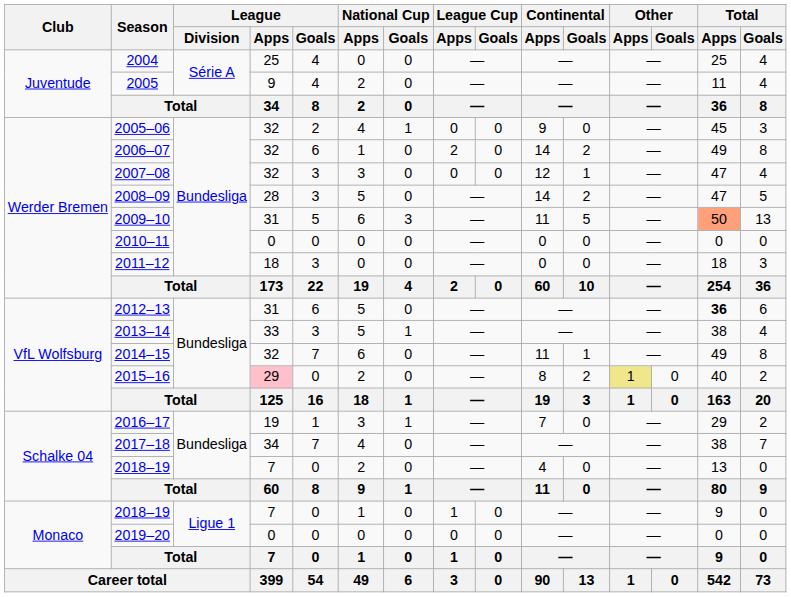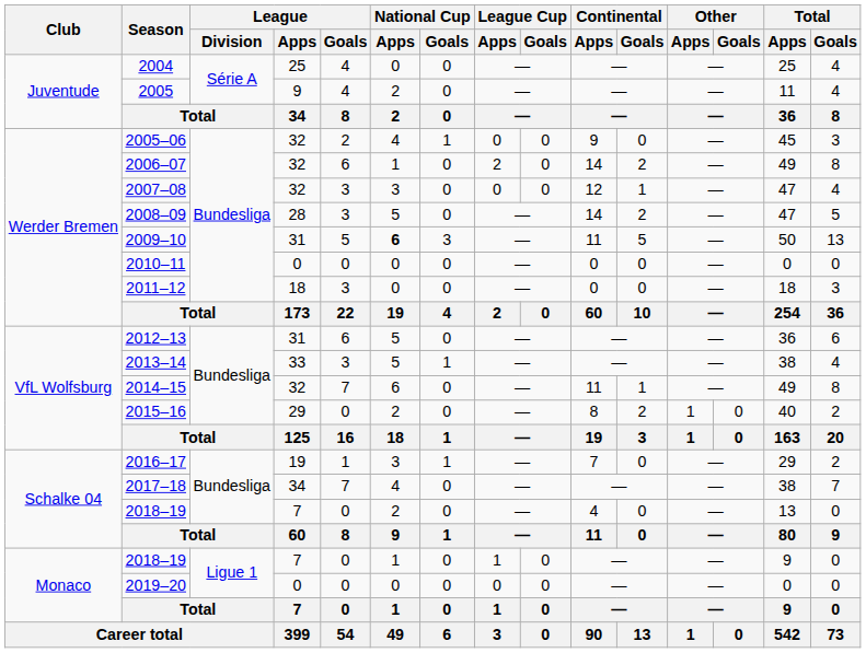 <table class="wikitable" style="text-align:center">
 <tr>
 <th rowspan="2">Club</th>
 <th rowspan="2">Season</th>
 <th colspan="3">League</th>
 <th colspan="2">National Cup</th>
 <th colspan="2">League Cup</th>
 <th colspan="2">Continental</th>
 <th colspan="2">Other</th>
 <th colspan="2">Total</th>
 </tr>
 <tr>
 <th>Division</th>
 <th>Apps</th>
 <th>Goals</th>
 <th>Apps</th>
 <th>Goals</th>
 <th>Apps</th>
 <th>Goals</th>
 <th>Apps</th>
 <th>Goals</th>
 <th>Apps</th>
 <th>Goals</th>
 <th>Apps</th>
 <th>Goals</th>
 </tr>
 <tr>
 <td rowspan="3"><a href='#'>Juventude</a></td>
 <td><a href='#'>2004</a></td>
 <td rowspan="2"><a href='#'>Série A</a></td>
 <td>25</td>
 <td>4</td>
 <td>0</td>
 <td>0</td>
 <td colspan="2">—</td>
 <td colspan="2">—</td>
 <td colspan="2">—</td>
 <td>25</td>
 <td>4</td>
 </tr>
 <tr>
 <td><a href='#'>2005</a></td>
 <td>9</td>
 <td>4</td>
 <td>2</td>
 <td>0</td>
 <td colspan="2">—</td>
 <td colspan="2">—</td>
 <td colspan="2">—</td>
 <td>11</td>
 <td>4</td>
 </tr>
 <tr>
 <th colspan="2">Total</th>
 <th>34</th>
 <th>8</th>
 <th>2</th>
 <th>0</th>
 <th colspan="2">—</th>
 <th colspan="2">—</th>
 <th colspan="2">—</th>
 <th>36</th>
 <th>8</th>
 </tr>
 <tr>
 <td rowspan="8"><a href='#'>Werder Bremen</a></td>
 <td><a href='#'>2005–06</a></td>
 <td rowspan="7"><a href='#'>Bundesliga</a></td>
 <td>32</td>
 <td>2</td>
 <td>4</td>
 <td>1</td>
 <td>0</td>
 <td>0</td>
 <td>9</td>
 <td>0</td>
 <td colspan="2">—</td>
 <td>45</td>
 <td>3</td>
 </tr>
 <tr>
 <td><a href='#'>2006–07</a></td>
 <td>32</td>
 <td>6</td>
 <td>1</td>
 <td>0</td>
 <td>2</td>
 <td>0</td>
 <td>14</td>
 <td>2</td>
 <td colspan="2">—</td>
 <td>49</td>
 <td>8</td>
 </tr>
 <tr>
 <td><a href='#'>2007–08</a></td>
 <td>32</td>
 <td>3</td>
 <td>3</td>
 <td>0</td>
 <td>0</td>
 <td>0</td>
 <td>12</td>
 <td>1</td>
 <td colspan="2">—</td>
 <td>47</td>
 <td>4</td>
 </tr>
 <tr>
 <td><a href='#'>2008–09</a></td>
 <td>28</td>
 <td>3</td>
 <td>5</td>
 <td>0</td>
 <td colspan="2">—</td>
 <td>14</td>
 <td>2</td>
 <td colspan="2">—</td>
 <td>47</td>
 <td>5</td>
 </tr>
 <tr>
 <td><a href='#'>2009–10</a></td>
 <td>31</td>
 <td>5</td>
-<td>6</td>
+<td><strong>6</strong></td>
 <td>3</td>
 <td colspan="2">—</td>
 <td>11</td>
 <td>5</td>
 <td colspan="2">—</td>
-<td style="background: lightsalmon;">50</td>
+<td>50</td>
 <td>13</td>
 </tr>
 <tr>
 <td><a href='#'>2010–11</a></td>
 <td>0</td>
 <td>0</td>
 <td>0</td>
 <td>0</td>
 <td colspan="2">—</td>
 <td>0</td>
 <td>0</td>
 <td colspan="2">—</td>
 <td>0</td>
 <td>0</td>
 </tr>
 <tr>
 <td><a href='#'>2011–12</a></td>
 <td>18</td>
 <td>3</td>
 <td>0</td>
 <td>0</td>
 <td colspan="2">—</td>
 <td>0</td>
 <td>0</td>
 <td colspan="2">—</td>
 <td>18</td>
 <td>3</td>
 </tr>
 <tr>
 <th colspan="2">Total</th>
 <th>173</th>
 <th>22</th>
 <th>19</th>
 <th>4</th>
 <th>2</th>
 <th>0</th>
 <th>60</th>
 <th>10</th>
 <th colspan="2">—</th>
 <th>254</th>
 <th>36</th>
 </tr>
 <tr>
 <td rowspan="5"><a href='#'>VfL Wolfsburg</a></td>
 <td><a href='#'>2012–13</a></td>
 <td rowspan="4">Bundesliga</td>
 <td>31</td>
 <td>6</td>
 <td>5</td>
 <td>0</td>
 <td colspan="2">—</td>
 <td colspan="2">—</td>
 <td colspan="2">—</td>
-<td><strong>36</strong></td>
+<td>36</td>
 <td>6</td>
 </tr>
 <tr>
 <td><a href='#'>2013–14</a></td>
 <td>33</td>
 <td>3</td>
 <td>5</td>
 <td>1</td>
 <td colspan="2">—</td>
 <td colspan="2">—</td>
 <td colspan="2">—</td>
 <td>38</td>
 <td>4</td>
 </tr>
 <tr>
 <td><a href='#'>2014–15</a></td>
 <td>32</td>
 <td>7</td>
 <td>6</td>
 <td>0</td>
 <td colspan="2">—</td>
 <td>11</td>
 <td>1</td>
 <td colspan="2">—</td>
 <td>49</td>
 <td>8</td>
 </tr>
 <tr>
 <td><a href='#'>2015–16</a></td>
-<td style="background: pink;">29</td>
+<td>29</td>
 <td>0</td>
 <td>2</td>
 <td>0</td>
 <td colspan="2">—</td>
 <td>8</td>
 <td>2</td>
-<td style="background: khaki;">1</td>
+<td>1</td>
 <td>0</td>
 <td>40</td>
 <td>2</td>
 </tr>
 <tr>
 <th colspan="2">Total</th>
 <th>125</th>
 <th>16</th>
 <th>18</th>
 <th>1</th>
 <th colspan="2">—</th>
 <th>19</th>
 <th>3</th>
 <th>1</th>
 <th>0</th>
 <th>163</th>
 <th>20</th>
 </tr>
 <tr>
 <td rowspan="4"><a href='#'>Schalke 04</a></td>
 <td><a href='#'>2016–17</a></td>
 <td rowspan="3">Bundesliga</td>
 <td>19</td>
 <td>1</td>
 <td>3</td>
 <td>1</td>
 <td colspan="2">—</td>
 <td>7</td>
 <td>0</td>
 <td colspan="2">—</td>
 <td>29</td>
 <td>2</td>
 </tr>
 <tr>
 <td><a href='#'>2017–18</a></td>
 <td>34</td>
 <td>7</td>
 <td>4</td>
 <td>0</td>
 <td colspan="2">—</td>
 <td colspan="2">—</td>
 <td colspan="2">—</td>
 <td>38</td>
 <td>7</td>
 </tr>
 <tr>
 <td><a href='#'>2018–19</a></td>
 <td>7</td>
 <td>0</td>
 <td>2</td>
 <td>0</td>
 <td colspan="2">—</td>
 <td>4</td>
 <td>0</td>
 <td colspan="2">—</td>
 <td>13</td>
 <td>0</td>
 </tr>
 <tr>
 <th colspan="2">Total</th>
 <th>60</th>
 <th>8</th>
 <th>9</th>
 <th>1</th>
 <th colspan="2">—</th>
 <th>11</th>
 <th>0</th>
 <th colspan="2">—</th>
 <th>80</th>
 <th>9</th>
 </tr>
 <tr>
 <td rowspan="3"><a href='#'>Monaco</a></td>
 <td><a href='#'>2018–19</a></td>
 <td rowspan="2"><a href='#'>Ligue 1</a></td>
 <td>7</td>
 <td>0</td>
 <td>1</td>
 <td>0</td>
 <td>1</td>
 <td>0</td>
 <td colspan="2">—</td>
 <td colspan="2">—</td>
 <td>9</td>
 <td>0</td>
 </tr>
 <tr>
 <td><a href='#'>2019–20</a></td>
 <td>0</td>
 <td>0</td>
 <td>0</td>
 <td>0</td>
 <td>0</td>
 <td>0</td>
 <td colspan="2">—</td>
 <td colspan="2">—</td>
 <td>0</td>
 <td>0</td>
 </tr>
 <tr>
 <th colspan="2">Total</th>
 <th>7</th>
 <th>0</th>
 <th>1</th>
 <th>0</th>
 <th>1</th>
 <th>0</th>
 <th colspan="2">—</th>
 <th colspan="2">—</th>
 <th>9</th>
 <th>0</th>
 </tr>
 <tr>
 <th colspan="3">Career total</th>
 <th>399</th>
 <th>54</th>
 <th>49</th>
 <th>6</th>
 <th>3</th>
 <th>0</th>
 <th>90</th>
 <th>13</th>
 <th>1</th>
 <th>0</th>
 <th>542</th>
 <th>73</th>
 </tr>
 </table>
